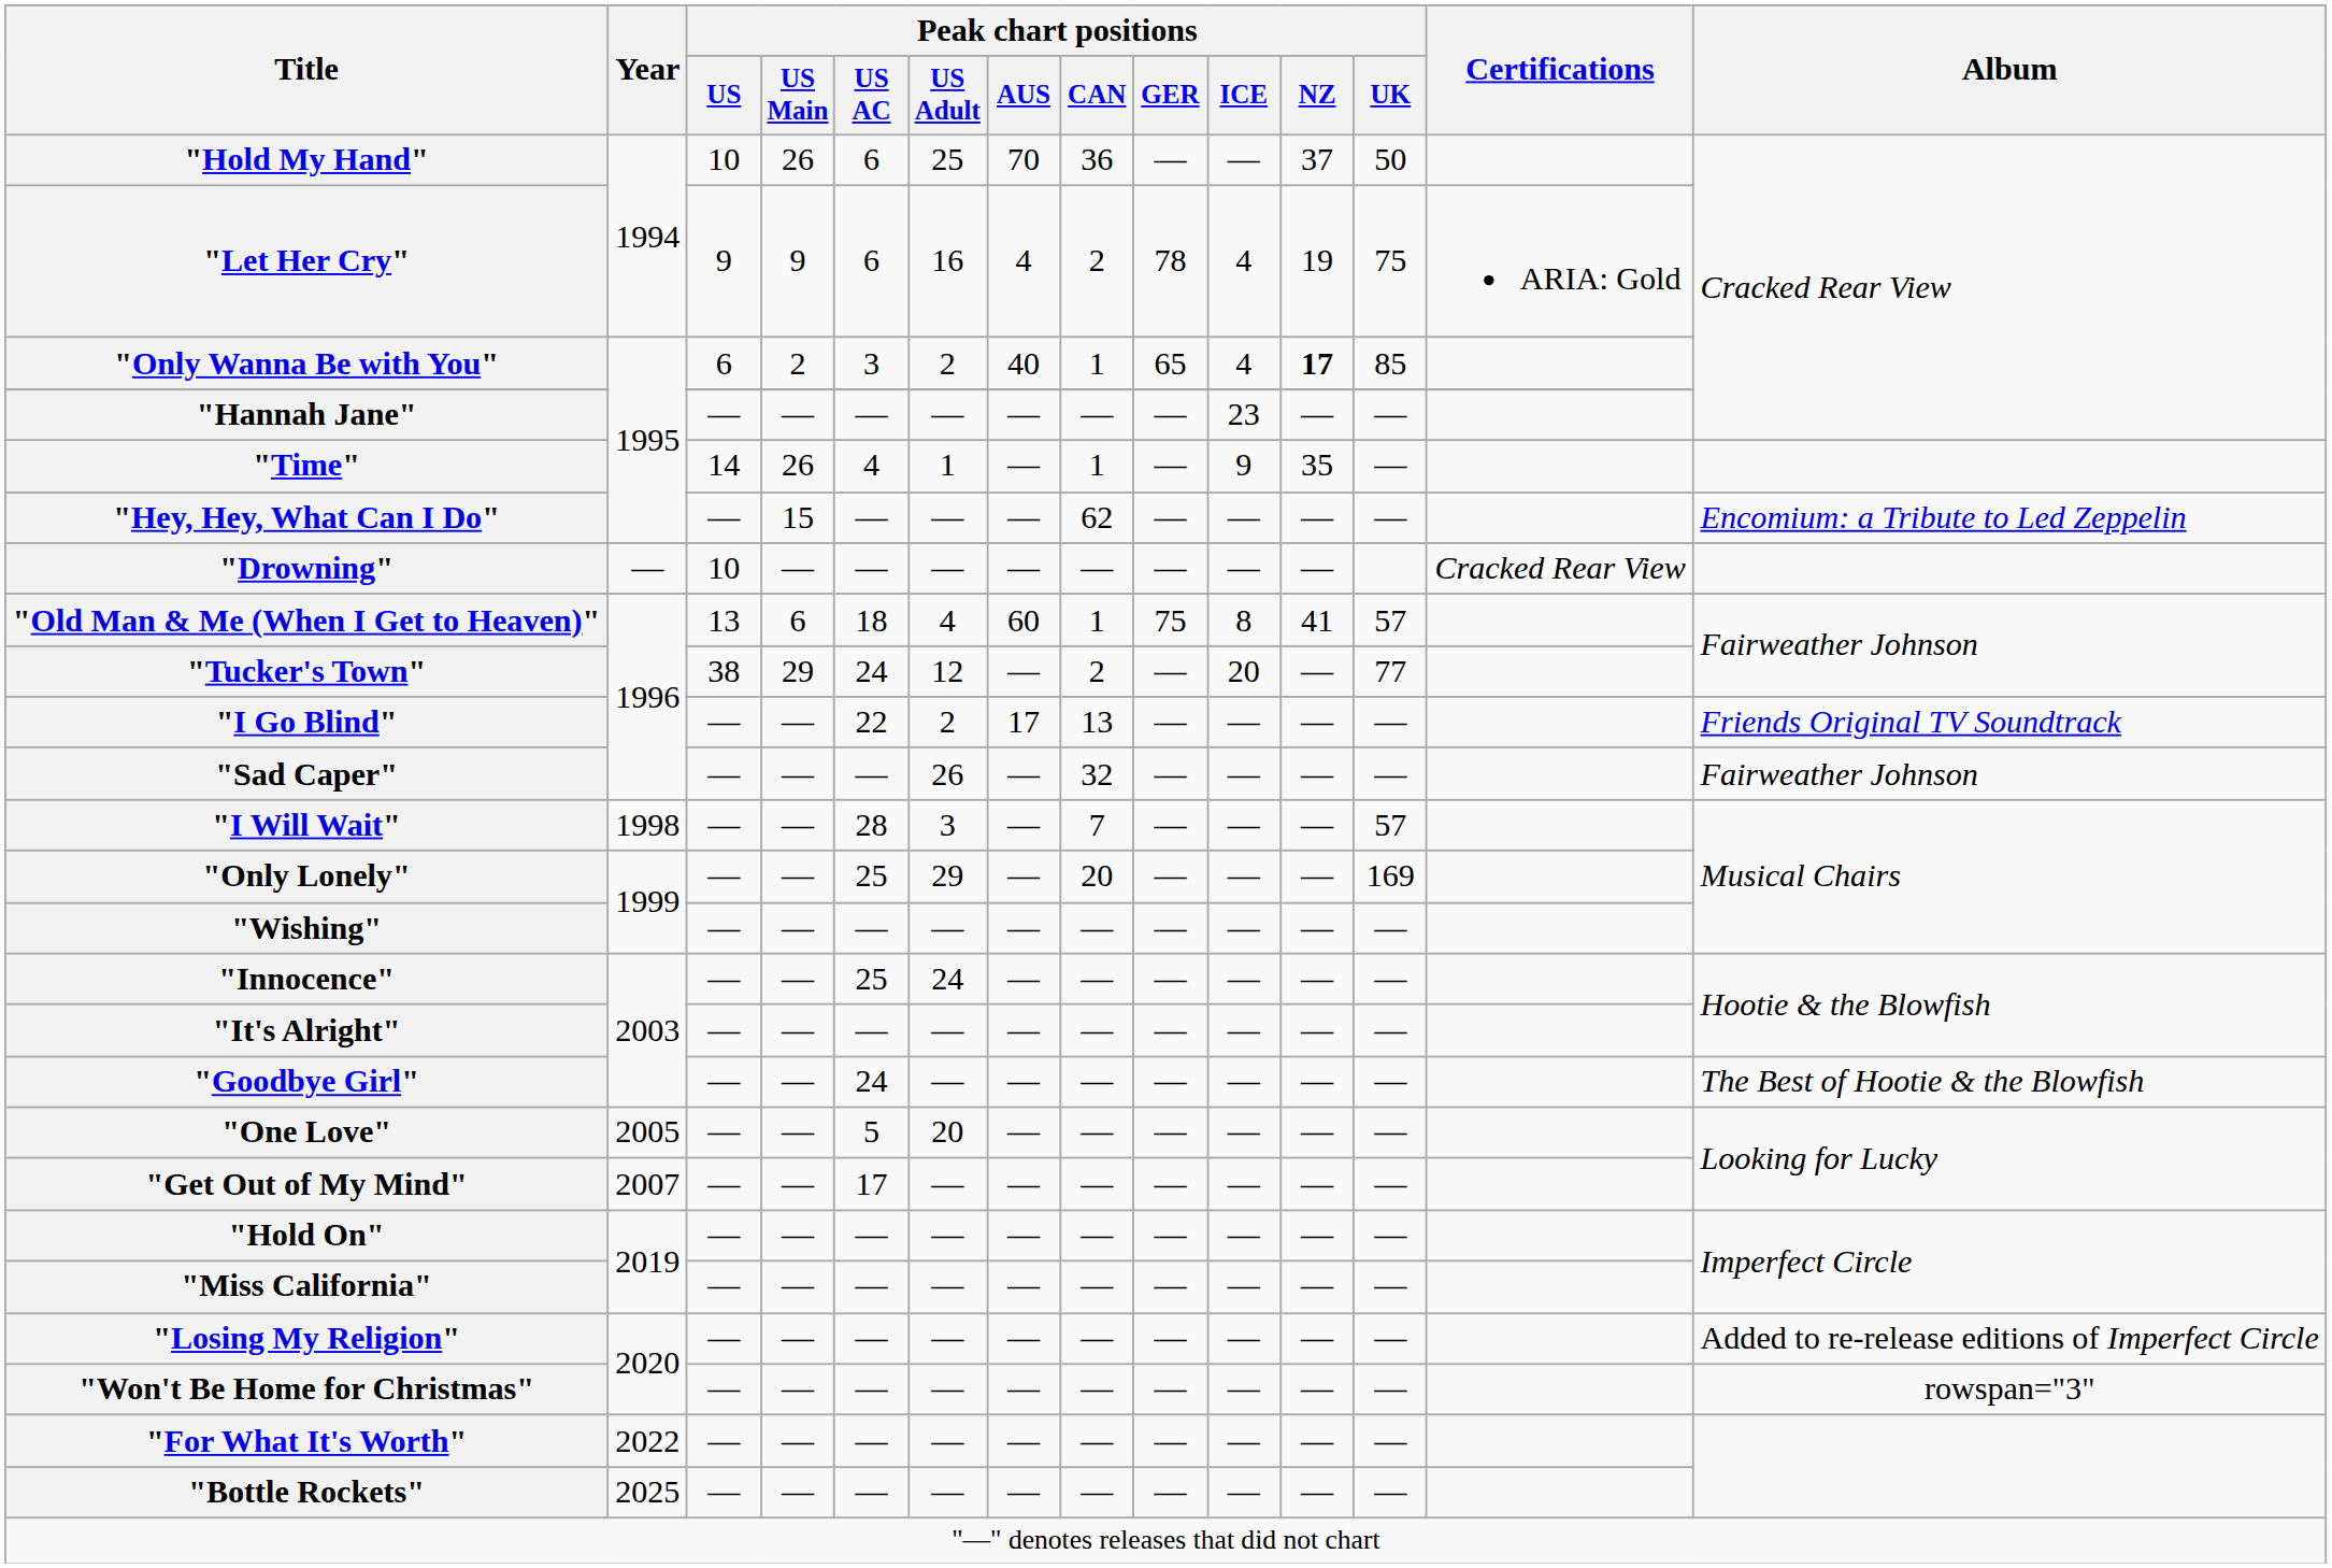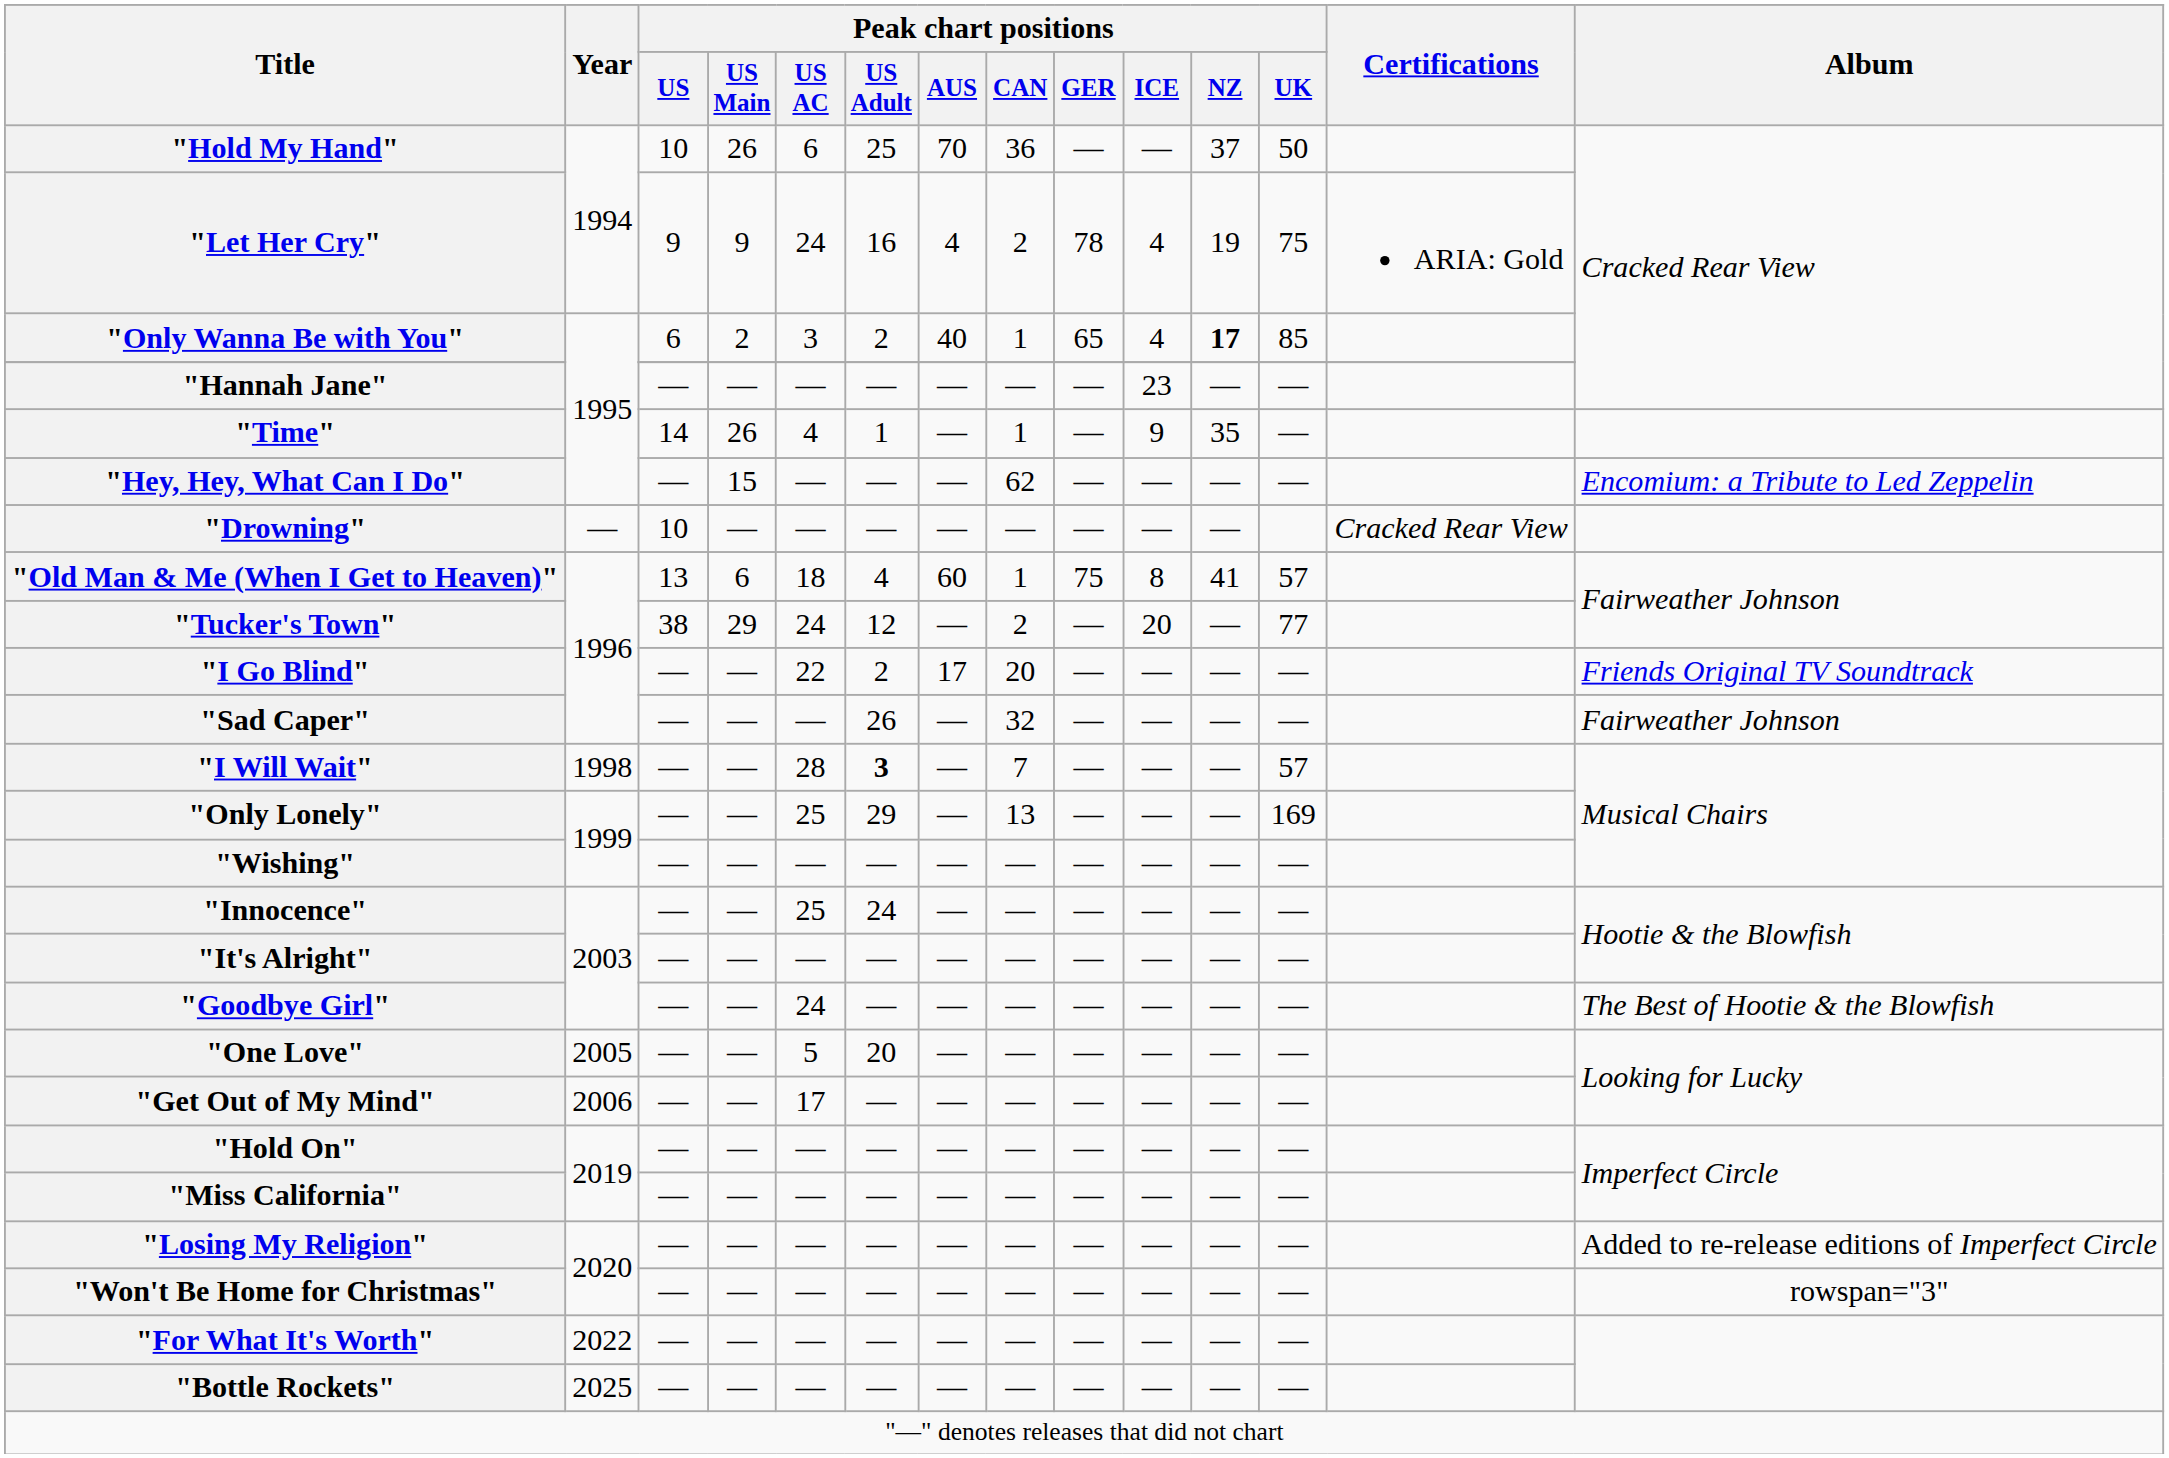 <table class="wikitable plainrowheaders" style="text-align:center;">
 <tr>
 <th rowspan="2">Title</th>
 <th rowspan="2">Year</th>
 <th colspan="10">Peak chart positions</th>
 <th scope="col" rowspan="2"><a href='#'>Certifications</a></th>
 <th rowspan="2">Album</th>
 </tr>
 <tr style="font-size:smaller;">
 <th style="width:30px;"><a href='#'>US</a><br></th>
 <th style="width:30px;"><a href='#'>US Main</a><br></th>
 <th style="width:30px;"><a href='#'>US AC</a><br></th>
 <th style="width:30px;"><a href='#'>US Adult</a><br></th>
 <th style="width:30px;"><a href='#'>AUS</a><br></th>
 <th style="width:30px;"><a href='#'>CAN</a><br></th>
 <th style="width:30px;"><a href='#'>GER</a><br></th>
 <th style="width:30px;"><a href='#'>ICE</a><br></th>
 <th style="width:30px;"><a href='#'>NZ</a><br></th>
 <th style="width:30px;"><a href='#'>UK</a><br></th>
 </tr>
 <tr>
 <th scope="row">"<a href='#'>Hold My Hand</a>"</th>
 <td rowspan="2">1994</td>
 <td>10</td>
 <td>26</td>
 <td>6</td>
 <td>25</td>
 <td>70</td>
 <td>36</td>
 <td>—</td>
 <td>—</td>
 <td>37</td>
 <td>50</td>
 <td></td>
 <td style="text-align:left;" rowspan="5"><em>Cracked Rear View</em></td>
 </tr>
 <tr>
 <th scope="row">"<a href='#'>Let Her Cry</a>"</th>
 <td>9</td>
 <td>9</td>
-<td>6</td>
+<td>24</td>
 <td>16</td>
 <td>4</td>
 <td>2</td>
 <td>78</td>
 <td>4</td>
 <td>19</td>
 <td>75</td>
 <td><br><ul><li>ARIA: Gold</li></ul></td>
 </tr>
 <tr>
 <th scope="row">"<a href='#'>Only Wanna Be with You</a>"</th>
 <td rowspan="5">1995</td>
 <td>6</td>
 <td>2</td>
 <td>3</td>
 <td>2</td>
 <td>40</td>
 <td>1</td>
 <td>65</td>
 <td>4</td>
 <td><strong>17</strong></td>
 <td>85</td>
 <td></td>
 </tr>
 <tr>
 </tr>
 <tr>
 <th scope="row">"Hannah Jane"</th>
 <td>—</td>
 <td>—</td>
 <td>—</td>
 <td>—</td>
 <td>—</td>
 <td>—</td>
 <td>—</td>
 <td>23</td>
 <td>—</td>
 <td>—</td>
 <td></td>
 </tr>
 <tr>
 <th scope="row">"<a href='#'>Time</a>"</th>
 <td>14</td>
 <td>26</td>
 <td>4</td>
 <td>1</td>
 <td>—</td>
 <td>1</td>
 <td>—</td>
 <td>9</td>
 <td>35</td>
 <td>—</td>
 <td></td>
 </tr>
 <tr>
 <th scope="row">"<a href='#'>Hey, Hey, What Can I Do</a>"</th>
 <td>—</td>
 <td>15</td>
 <td>—</td>
 <td>—</td>
 <td>—</td>
 <td>62</td>
 <td>—</td>
 <td>—</td>
 <td>—</td>
 <td>—</td>
 <td></td>
 <td style="text-align:left;"><em><a href='#'>Encomium: a Tribute to Led Zeppelin</a></em></td>
 </tr>
 <tr>
 <th scope="row">"<a href='#'>Drowning</a>"</th>
 <td>—</td>
 <td>10</td>
 <td>—</td>
 <td>—</td>
 <td>—</td>
 <td>—</td>
 <td>—</td>
 <td>—</td>
 <td>—</td>
 <td>—</td>
 <td></td>
 <td style="text-align:left;"><em>Cracked Rear View</em></td>
 </tr>
 <tr>
 <th scope="row">"<a href='#'>Old Man & Me (When I Get to Heaven)</a>"</th>
 <td rowspan="4">1996</td>
 <td>13</td>
 <td>6</td>
 <td>18</td>
 <td>4</td>
 <td>60</td>
 <td>1</td>
 <td>75</td>
 <td>8</td>
 <td>41</td>
 <td>57</td>
 <td></td>
 <td style="text-align:left;" rowspan="2"><em>Fairweather Johnson</em></td>
 </tr>
 <tr>
 <th scope="row">"<a href='#'>Tucker's Town</a>"</th>
 <td>38</td>
 <td>29</td>
 <td>24</td>
 <td>12</td>
 <td>—</td>
 <td>2</td>
 <td>—</td>
 <td>20</td>
 <td>—</td>
 <td>77</td>
 <td></td>
 </tr>
 <tr>
 <th scope="row">"<a href='#'>I Go Blind</a>"</th>
 <td>—</td>
 <td>—</td>
 <td>22</td>
 <td>2</td>
 <td>17</td>
-<td>13</td>
+<td>20</td>
 <td>—</td>
 <td>—</td>
 <td>—</td>
 <td>—</td>
 <td></td>
 <td style="text-align:left;"><em><a href='#'>Friends Original TV Soundtrack</a></em></td>
 </tr>
 <tr>
 <th scope="row">"Sad Caper"</th>
 <td>—</td>
 <td>—</td>
 <td>—</td>
 <td>26</td>
 <td>—</td>
 <td>32</td>
 <td>—</td>
 <td>—</td>
 <td>—</td>
 <td>—</td>
 <td></td>
 <td style="text-align:left;"><em>Fairweather Johnson</em></td>
 </tr>
 <tr>
 <th scope="row">"<a href='#'>I Will Wait</a>"</th>
 <td>1998</td>
 <td>—</td>
 <td>—</td>
 <td>28</td>
-<td>3</td>
+<td><strong>3</strong></td>
 <td>—</td>
 <td>7</td>
 <td>—</td>
 <td>—</td>
 <td>—</td>
 <td>57</td>
 <td></td>
 <td style="text-align:left;" rowspan="3"><em>Musical Chairs</em></td>
 </tr>
 <tr>
 <th scope="row">"Only Lonely"</th>
 <td rowspan="2">1999</td>
 <td>—</td>
 <td>—</td>
 <td>25</td>
 <td>29</td>
 <td>—</td>
-<td>20</td>
+<td>13</td>
 <td>—</td>
 <td>—</td>
 <td>—</td>
 <td>169</td>
 <td></td>
 </tr>
 <tr>
 <th scope="row">"Wishing"</th>
 <td>—</td>
 <td>—</td>
 <td>—</td>
 <td>—</td>
 <td>—</td>
 <td>—</td>
 <td>—</td>
 <td>—</td>
 <td>—</td>
 <td>—</td>
 <td></td>
 </tr>
 <tr>
 <th scope="row">"Innocence"</th>
 <td rowspan="3">2003</td>
 <td>—</td>
 <td>—</td>
 <td>25</td>
 <td>24</td>
 <td>—</td>
 <td>—</td>
 <td>—</td>
 <td>—</td>
 <td>—</td>
 <td>—</td>
 <td></td>
 <td style="text-align:left;" rowspan="2"><em>Hootie & the Blowfish</em></td>
 </tr>
 <tr>
 <th scope="row">"It's Alright"</th>
 <td>—</td>
 <td>—</td>
 <td>—</td>
 <td>—</td>
 <td>—</td>
 <td>—</td>
 <td>—</td>
 <td>—</td>
 <td>—</td>
 <td>—</td>
 <td></td>
 </tr>
 <tr>
 <th scope="row">"<a href='#'>Goodbye Girl</a>"</th>
 <td>—</td>
 <td>—</td>
 <td>24</td>
 <td>—</td>
 <td>—</td>
 <td>—</td>
 <td>—</td>
 <td>—</td>
 <td>—</td>
 <td>—</td>
 <td></td>
 <td style="text-align:left;"><em>The Best of Hootie & the Blowfish</em></td>
 </tr>
 <tr>
 <th scope="row">"One Love"</th>
 <td>2005</td>
 <td>—</td>
 <td>—</td>
 <td>5</td>
 <td>20</td>
 <td>—</td>
 <td>—</td>
 <td>—</td>
 <td>—</td>
 <td>—</td>
 <td>—</td>
 <td></td>
 <td style="text-align:left;" rowspan="2"><em>Looking for Lucky</em></td>
 </tr>
 <tr>
 <th scope="row">"Get Out of My Mind"</th>
-<td>2007</td>
+<td>2006</td>
 <td>—</td>
 <td>—</td>
 <td>17</td>
 <td>—</td>
 <td>—</td>
 <td>—</td>
 <td>—</td>
 <td>—</td>
 <td>—</td>
 <td>—</td>
 <td></td>
 </tr>
 <tr>
 <th scope="row">"Hold On"</th>
 <td rowspan="2">2019</td>
 <td>—</td>
 <td>—</td>
 <td>—</td>
 <td>—</td>
 <td>—</td>
 <td>—</td>
 <td>—</td>
 <td>—</td>
 <td>—</td>
 <td>—</td>
 <td></td>
 <td style="text-align:left;" rowspan="2"><em>Imperfect Circle</em></td>
 </tr>
 <tr>
 <th scope="row">"Miss California"</th>
 <td>—</td>
 <td>—</td>
 <td>—</td>
 <td>—</td>
 <td>—</td>
 <td>—</td>
 <td>—</td>
 <td>—</td>
 <td>—</td>
 <td>—</td>
 <td></td>
 </tr>
 <tr>
 <th scope="row">"<a href='#'>Losing My Religion</a>"</th>
 <td rowspan="2">2020</td>
 <td>—</td>
 <td>—</td>
 <td>—</td>
 <td>—</td>
 <td>—</td>
 <td>—</td>
 <td>—</td>
 <td>—</td>
 <td>—</td>
 <td>—</td>
 <td></td>
 <td>Added to re-release editions of <em>Imperfect Circle</em></td>
 </tr>
 <tr>
 <th scope="row">"Won't Be Home for Christmas"</th>
 <td>—</td>
 <td>—</td>
 <td>—</td>
 <td>—</td>
 <td>—</td>
 <td>—</td>
 <td>—</td>
 <td>—</td>
 <td>—</td>
 <td>—</td>
 <td></td>
 <td>rowspan="3" </td>
 </tr>
 <tr>
 <th scope="row">"<a href='#'>For What It's Worth</a>"</th>
 <td>2022</td>
 <td>—</td>
 <td>—</td>
 <td>—</td>
 <td>—</td>
 <td>—</td>
 <td>—</td>
 <td>—</td>
 <td>—</td>
 <td>—</td>
 <td>—</td>
 <td></td>
 </tr>
 <tr>
 <th scope="row">"Bottle Rockets" </th>
 <td>2025</td>
 <td>—</td>
 <td>—</td>
 <td>—</td>
 <td>—</td>
 <td>—</td>
 <td>—</td>
 <td>—</td>
 <td>—</td>
 <td>—</td>
 <td>—</td>
 <td></td>
 </tr>
 <tr>
 <td colspan="20" style="font-size:85%">"—" denotes releases that did not chart</td>
 </tr>
 </table>
